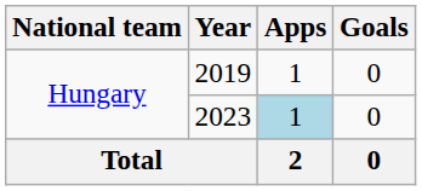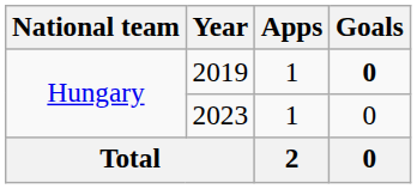 <table class=wikitable style="text-align: center">
 <tr>
 <th>National team</th>
 <th>Year</th>
 <th>Apps</th>
 <th>Goals</th>
 </tr>
 <tr>
 <td rowspan="2"><a href='#'>Hungary</a></td>
 <td>2019</td>
 <td>1</td>
-<td>0</td>
+<td><strong>0</strong></td>
 </tr>
 <tr>
 <td>2023</td>
-<td style="background: lightblue;">1</td>
+<td>1</td>
 <td>0</td>
 </tr>
 <tr>
 <th colspan="2">Total</th>
 <th>2</th>
 <th>0</th>
 </tr>
 </table>
